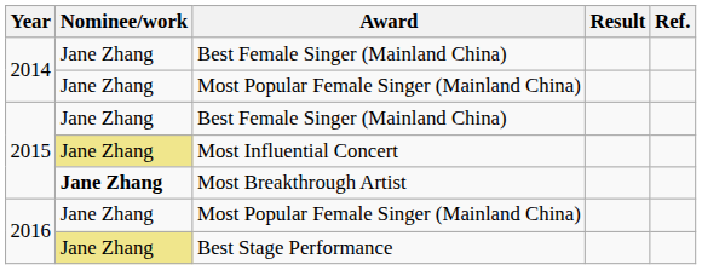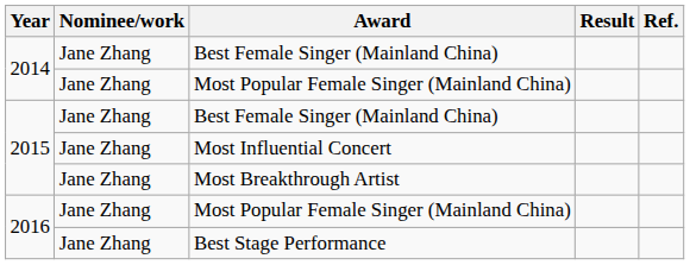 <table class="wikitable">
 <tr>
 <th>Year</th>
 <th>Nominee/work</th>
 <th>Award</th>
 <th><strong>Result</strong></th>
 <th>Ref.</th>
 </tr>
 <tr>
 <td rowspan="2">2014</td>
 <td>Jane Zhang</td>
 <td>Best Female Singer (Mainland China)</td>
 <td></td>
 <td></td>
 </tr>
 <tr>
 <td>Jane Zhang</td>
 <td>Most Popular Female Singer (Mainland China)</td>
 <td></td>
 <td></td>
 </tr>
 <tr>
 <td rowspan="3">2015</td>
 <td>Jane Zhang</td>
 <td>Best Female Singer (Mainland China)</td>
 <td></td>
 <td></td>
 </tr>
 <tr>
-<td style="background: khaki;">Jane Zhang</td>
+<td>Jane Zhang</td>
 <td>Most Influential Concert</td>
 <td></td>
 <td></td>
 </tr>
 <tr>
-<td><strong>Jane Zhang</strong></td>
+<td>Jane Zhang</td>
 <td>Most Breakthrough Artist</td>
 <td></td>
 <td></td>
 </tr>
 <tr>
 <td rowspan="2">2016</td>
 <td>Jane Zhang</td>
 <td>Most Popular Female Singer (Mainland China)</td>
 <td></td>
 <td></td>
 </tr>
 <tr>
-<td style="background: khaki;">Jane Zhang</td>
+<td>Jane Zhang</td>
 <td>Best Stage Performance</td>
 <td></td>
 <td></td>
 </tr>
 </table>
